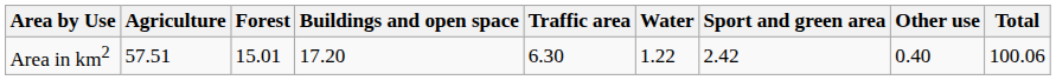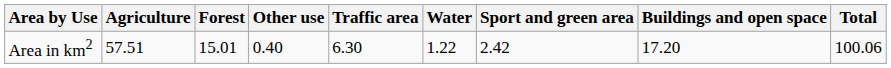 <table class="wikitable">
 <tr style="background:#efefef;">
 <th style= style="text-align:center;">Area by Use</th>
 <th>Agriculture</th>
 <th>Forest</th>
-<th>Buildings and open space</th>
+<th>Other use</th>
 <th>Traffic area</th>
 <th>Water</th>
 <th>Sport and green area</th>
-<th>Other use</th>
+<th>Buildings and open space</th>
 <th>Total</th>
 </tr>
 <tr>
 <td>Area in km<sup>2</sup></td>
 <td>57.51</td>
 <td>15.01</td>
-<td>17.20</td>
+<td>0.40</td>
 <td>6.30</td>
 <td>1.22</td>
 <td>2.42</td>
-<td>0.40</td>
+<td>17.20</td>
 <td>100.06</td>
 </tr>
 </table>
